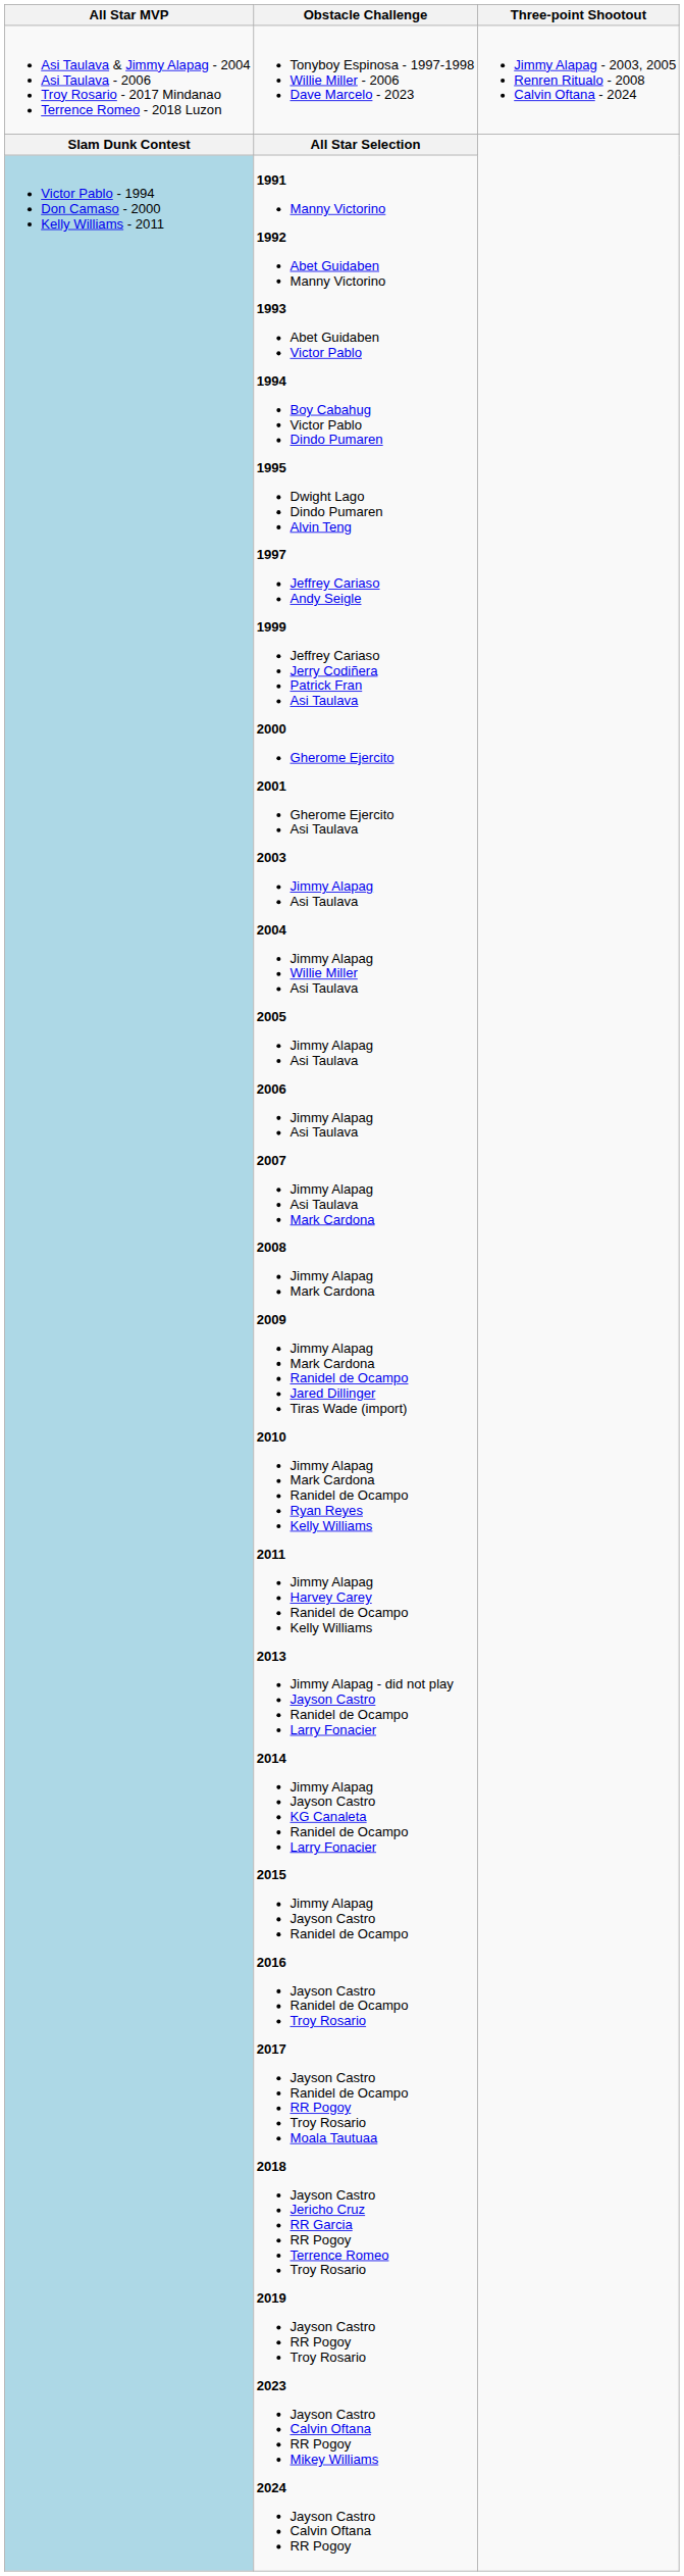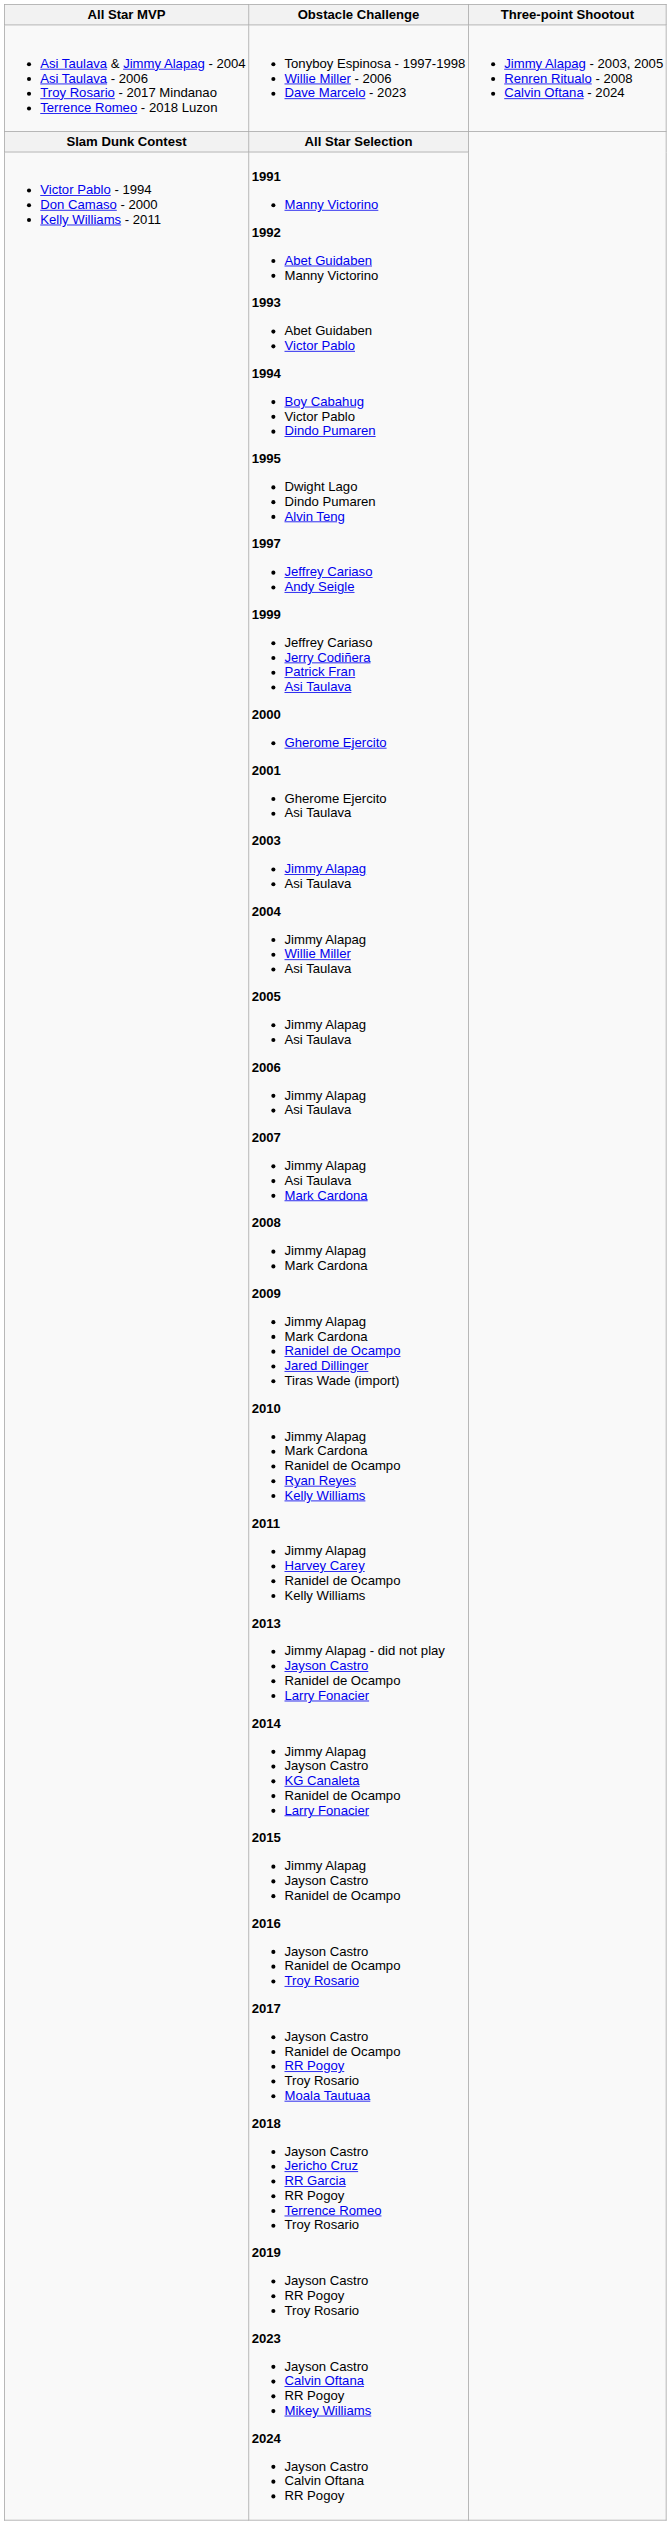 <table class=wikitable>
 <tr>
 <th>All Star MVP</th>
 <th>Obstacle Challenge</th>
 <th>Three-point Shootout</th>
 </tr>
 <tr>
 <td valign="top"><br><ul><li><a href='#'>Asi Taulava</a> & <a href='#'>Jimmy Alapag</a> - 2004</li><li><a href='#'>Asi Taulava</a> - 2006</li><li><a href='#'>Troy Rosario</a> - 2017 Mindanao</li><li><a href='#'>Terrence Romeo</a> - 2018 Luzon</li></ul></td>
 <td valign="top"><br><ul><li>Tonyboy Espinosa - 1997-1998</li><li><a href='#'>Willie Miller</a> - 2006</li><li><a href='#'>Dave Marcelo</a> - 2023</li></ul></td>
 <td valign="top"><br><ul><li><a href='#'>Jimmy Alapag</a> - 2003, 2005</li><li><a href='#'>Renren Ritualo</a> - 2008</li><li><a href='#'>Calvin Oftana</a> - 2024</li></ul></td>
 </tr>
 <tr>
 <th>Slam Dunk Contest</th>
 <th>All Star Selection</th>
 </tr>
 <tr>
-<td valign="top" style="background: lightblue;"><br><ul><li><a href='#'>Victor Pablo</a> - 1994</li><li><a href='#'>Don Camaso</a> - 2000</li><li><a href='#'>Kelly Williams</a> - 2011</li></ul></td>
+<td valign="top"><br><ul><li><a href='#'>Victor Pablo</a> - 1994</li><li><a href='#'>Don Camaso</a> - 2000</li><li><a href='#'>Kelly Williams</a> - 2011</li></ul></td>
 <td valign="top"><br><strong>1991</strong><ul><li><a href='#'>Manny Victorino</a></li></ul><strong>1992</strong><ul><li><a href='#'>Abet Guidaben</a></li><li>Manny Victorino</li></ul><strong>1993</strong><ul><li>Abet Guidaben</li><li><a href='#'>Victor Pablo</a></li></ul><strong>1994</strong><ul><li><a href='#'>Boy Cabahug</a></li><li>Victor Pablo</li><li><a href='#'>Dindo Pumaren</a></li></ul><strong>1995</strong><ul><li>Dwight Lago</li><li>Dindo Pumaren</li><li><a href='#'>Alvin Teng</a></li></ul><strong>1997</strong><ul><li><a href='#'>Jeffrey Cariaso</a></li><li><a href='#'>Andy Seigle</a></li></ul><strong>1999</strong><ul><li>Jeffrey Cariaso</li><li><a href='#'>Jerry Codiñera</a></li><li><a href='#'>Patrick Fran</a></li><li><a href='#'>Asi Taulava</a></li></ul><strong>2000</strong><ul><li><a href='#'>Gherome Ejercito</a></li></ul><strong>2001</strong><ul><li>Gherome Ejercito</li><li>Asi Taulava</li></ul><strong>2003</strong><ul><li><a href='#'>Jimmy Alapag</a></li><li>Asi Taulava</li></ul><strong>2004</strong><ul><li>Jimmy Alapag</li><li><a href='#'>Willie Miller</a></li><li>Asi Taulava</li></ul><strong>2005</strong><ul><li>Jimmy Alapag</li><li>Asi Taulava</li></ul><strong>2006</strong><ul><li>Jimmy Alapag</li><li>Asi Taulava</li></ul><strong>2007</strong><ul><li>Jimmy Alapag</li><li>Asi Taulava</li><li><a href='#'>Mark Cardona</a></li></ul><strong>2008</strong><ul><li>Jimmy Alapag</li><li>Mark Cardona</li></ul><strong>2009</strong><ul><li>Jimmy Alapag</li><li>Mark Cardona</li><li><a href='#'>Ranidel de Ocampo</a></li><li><a href='#'>Jared Dillinger</a></li><li>Tiras Wade (import)</li></ul><strong>2010</strong><ul><li>Jimmy Alapag</li><li>Mark Cardona</li><li>Ranidel de Ocampo</li><li><a href='#'>Ryan Reyes</a></li><li><a href='#'>Kelly Williams</a></li></ul><strong>2011</strong><ul><li>Jimmy Alapag</li><li><a href='#'>Harvey Carey</a></li><li>Ranidel de Ocampo</li><li>Kelly Williams</li></ul><strong>2013</strong><ul><li>Jimmy Alapag - did not play</li><li><a href='#'>Jayson Castro</a></li><li>Ranidel de Ocampo</li><li><a href='#'>Larry Fonacier</a></li></ul><strong>2014</strong><ul><li>Jimmy Alapag</li><li>Jayson Castro</li><li><a href='#'>KG Canaleta</a></li><li>Ranidel de Ocampo</li><li><a href='#'>Larry Fonacier</a></li></ul><strong>2015</strong><ul><li>Jimmy Alapag</li><li>Jayson Castro</li><li>Ranidel de Ocampo</li></ul><strong>2016</strong><ul><li>Jayson Castro</li><li>Ranidel de Ocampo</li><li><a href='#'>Troy Rosario</a></li></ul><strong>2017</strong><ul><li>Jayson Castro</li><li>Ranidel de Ocampo</li><li><a href='#'>RR Pogoy</a></li><li>Troy Rosario</li><li><a href='#'>Moala Tautuaa</a></li></ul><strong>2018</strong><ul><li>Jayson Castro</li><li><a href='#'>Jericho Cruz</a></li><li><a href='#'>RR Garcia</a></li><li>RR Pogoy</li><li><a href='#'>Terrence Romeo</a></li><li>Troy Rosario</li></ul><strong>2019</strong><ul><li>Jayson Castro</li><li>RR Pogoy</li><li>Troy Rosario</li></ul><strong>2023</strong><ul><li>Jayson Castro</li><li><a href='#'>Calvin Oftana</a></li><li>RR Pogoy</li><li><a href='#'>Mikey Williams</a></li></ul><strong>2024</strong><ul><li>Jayson Castro</li><li>Calvin Oftana</li><li>RR Pogoy</li></ul></td>
 </tr>
 </table>
